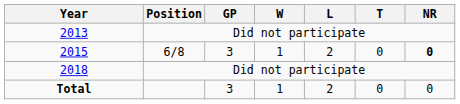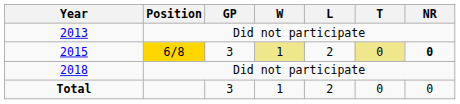 <table class="wikitable" style="text-align: center; width=900px;">
 <tr>
 <th width=150>Year</th>
 <th width=50>Position</th>
 <th width=50>GP</th>
 <th width=50>W</th>
 <th width=50>L</th>
 <th width=50>T</th>
 <th width=50>NR</th>
 </tr>
 <tr>
 <td> <a href='#'>2013</a></td>
 <td rowspan=1 colspan=8>Did not participate</td>
 </tr>
 <tr>
 <td> <a href='#'>2015</a></td>
-<td>6/8</td>
+<td style="background: gold;">6/8</td>
 <td>3</td>
-<td>1</td>
+<td style="background: khaki;">1</td>
 <td>2</td>
-<td>0</td>
+<td style="background: khaki;">0</td>
 <td><strong>0</strong></td>
 </tr>
 <tr>
 <td> <a href='#'>2018</a></td>
 <td rowspan=1 colspan=8>Did not participate</td>
 </tr>
 <tr>
 <td><strong>Total</strong></td>
 <td></td>
 <td>3</td>
 <td>1</td>
 <td>2</td>
 <td>0</td>
 <td>0</td>
 </tr>
 </table>
